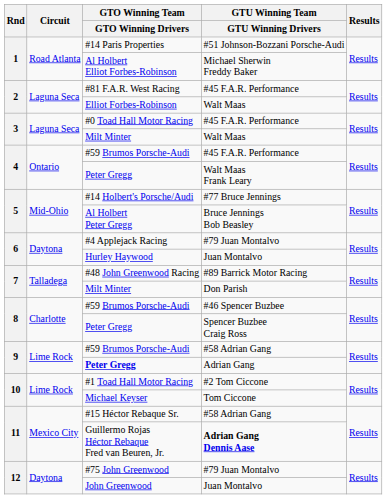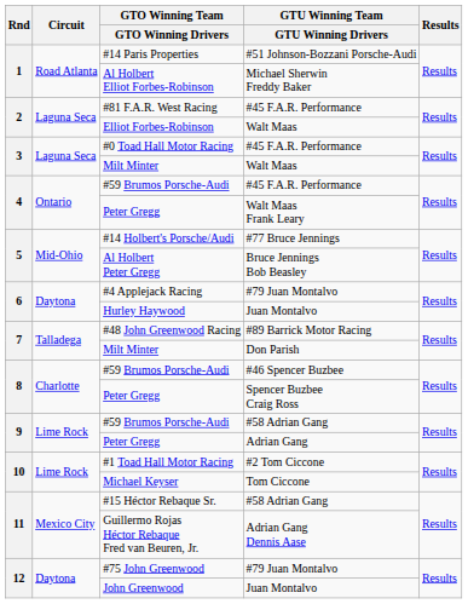 <table class="wikitable" style="font-size: 90%;">
 <tr>
 <th rowspan=2>Rnd</th>
 <th rowspan=2>Circuit</th>
 <th>GTO Winning Team</th>
 <th>GTU Winning Team</th>
 <th rowspan=2>Results</th>
 </tr>
 <tr>
 <th>GTO Winning Drivers</th>
 <th>GTU Winning Drivers</th>
 </tr>
 <tr>
 <th rowspan=2>1</th>
 <td rowspan=2><a href='#'>Road Atlanta</a></td>
 <td>#14 Paris Properties</td>
 <td>#51 Johnson-Bozzani Porsche-Audi</td>
 <td rowspan=2><a href='#'>Results</a></td>
 </tr>
 <tr>
 <td> <a href='#'>Al Holbert</a><br> <a href='#'>Elliot Forbes-Robinson</a></td>
 <td> Michael Sherwin<br> Freddy Baker</td>
 </tr>
 <tr>
 <th rowspan=2>2</th>
 <td rowspan=2><a href='#'>Laguna Seca</a></td>
 <td>#81 F.A.R. West Racing</td>
 <td>#45 F.A.R. Performance</td>
 <td rowspan=2><a href='#'>Results</a></td>
 </tr>
 <tr>
 <td> <a href='#'>Elliot Forbes-Robinson</a></td>
 <td> Walt Maas</td>
 </tr>
 <tr>
 <th rowspan=2>3</th>
 <td rowspan=2><a href='#'>Laguna Seca</a></td>
 <td>#0 <a href='#'>Toad Hall Motor Racing</a></td>
 <td>#45 F.A.R. Performance</td>
 <td rowspan=2><a href='#'>Results</a></td>
 </tr>
 <tr>
 <td> <a href='#'>Milt Minter</a></td>
 <td> Walt Maas</td>
 </tr>
 <tr>
 <th rowspan=2>4</th>
 <td rowspan=2><a href='#'>Ontario</a></td>
 <td>#59 <a href='#'>Brumos Porsche-Audi</a></td>
 <td>#45 F.A.R. Performance</td>
 <td rowspan=2><a href='#'>Results</a></td>
 </tr>
 <tr>
 <td> <a href='#'>Peter Gregg</a></td>
 <td> Walt Maas<br> Frank Leary</td>
 </tr>
 <tr>
 <th rowspan=2>5</th>
 <td rowspan=2><a href='#'>Mid-Ohio</a></td>
 <td>#14 <a href='#'>Holbert's Porsche/Audi</a></td>
 <td>#77 Bruce Jennings</td>
 <td rowspan=2><a href='#'>Results</a></td>
 </tr>
 <tr>
 <td> <a href='#'>Al Holbert</a><br> <a href='#'>Peter Gregg</a></td>
 <td> Bruce Jennings<br> Bob Beasley</td>
 </tr>
 <tr>
 <th rowspan=2>6</th>
 <td rowspan=2><a href='#'>Daytona</a></td>
 <td>#4 Applejack Racing</td>
 <td>#79 Juan Montalvo</td>
 <td rowspan=2><a href='#'>Results</a></td>
 </tr>
 <tr>
 <td> <a href='#'>Hurley Haywood</a></td>
 <td> Juan Montalvo</td>
 </tr>
 <tr>
 <th rowspan=2>7</th>
 <td rowspan=2><a href='#'>Talladega</a></td>
 <td>#48 <a href='#'>John Greenwood</a> Racing</td>
 <td>#89 Barrick Motor Racing</td>
 <td rowspan=2><a href='#'>Results</a></td>
 </tr>
 <tr>
 <td> <a href='#'>Milt Minter</a></td>
 <td> Don Parish</td>
 </tr>
 <tr>
 <th rowspan=2>8</th>
 <td rowspan=2><a href='#'>Charlotte</a></td>
 <td>#59 <a href='#'>Brumos Porsche-Audi</a></td>
 <td>#46 Spencer Buzbee</td>
 <td rowspan=2><a href='#'>Results</a></td>
 </tr>
 <tr>
 <td> <a href='#'>Peter Gregg</a></td>
 <td> Spencer Buzbee<br> Craig Ross</td>
 </tr>
 <tr>
 <th rowspan=2>9</th>
 <td rowspan=2><a href='#'>Lime Rock</a></td>
 <td>#59 <a href='#'>Brumos Porsche-Audi</a></td>
 <td>#58 Adrian Gang</td>
 <td rowspan=2><a href='#'>Results</a></td>
 </tr>
 <tr>
-<td><strong> <a href='#'>Peter Gregg</a></strong></td>
+<td> <a href='#'>Peter Gregg</a></td>
 <td> Adrian Gang</td>
 </tr>
 <tr>
 <th rowspan=2>10</th>
 <td rowspan=2><a href='#'>Lime Rock</a></td>
 <td>#1 <a href='#'>Toad Hall Motor Racing</a></td>
 <td>#2 Tom Ciccone</td>
 <td rowspan=2><a href='#'>Results</a></td>
 </tr>
 <tr>
 <td> <a href='#'>Michael Keyser</a></td>
 <td> Tom Ciccone</td>
 </tr>
 <tr>
 <th rowspan=2>11</th>
 <td rowspan=2><a href='#'>Mexico City</a></td>
 <td>#15 Héctor Rebaque Sr.</td>
 <td>#58 Adrian Gang</td>
 <td rowspan=2><a href='#'>Results</a></td>
 </tr>
 <tr>
 <td> Guillermo Rojas<br> <a href='#'>Héctor Rebaque</a><br> Fred van Beuren, Jr.</td>
-<td><strong> Adrian Gang<br> <a href='#'>Dennis Aase</a></strong></td>
+<td> Adrian Gang<br> <a href='#'>Dennis Aase</a></td>
 </tr>
 <tr>
 <th rowspan=2>12</th>
 <td rowspan=2><a href='#'>Daytona</a></td>
 <td>#75 <a href='#'>John Greenwood</a></td>
 <td>#79 Juan Montalvo</td>
 <td rowspan=2><a href='#'>Results</a></td>
 </tr>
 <tr>
 <td> <a href='#'>John Greenwood</a></td>
 <td> Juan Montalvo</td>
 </tr>
 </table>
